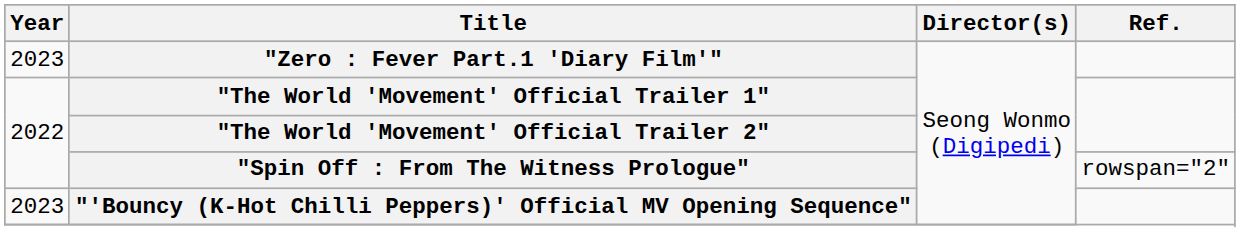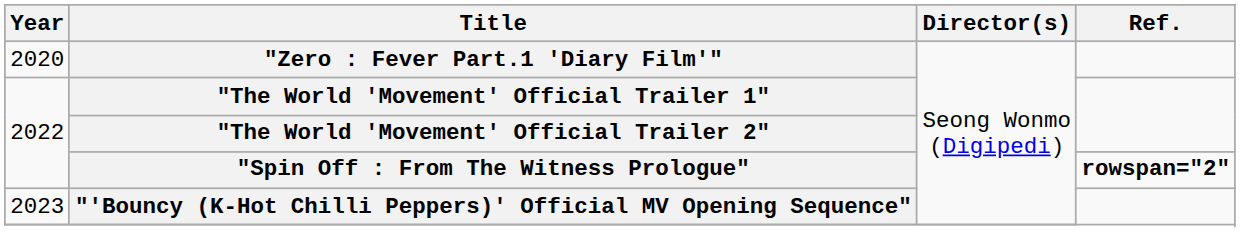 <table class="wikitable plainrowheaders" style="text-align:center; table-layout:fixed; margin-right:0">
 <tr>
 <th>Year</th>
 <th>Title</th>
 <th>Director(s)</th>
 <th>Ref.</th>
 </tr>
 <tr>
-<td>2023</td>
+<td>2020</td>
 <th scope="row">"Zero : Fever Part.1 'Diary Film'"</th>
 <td rowspan="5">Seong Wonmo<br>(<a href='#'>Digipedi</a>)</td>
 <td></td>
 </tr>
 <tr>
 <td rowspan="3">2022</td>
 <th scope="row">"The World 'Movement' Official Trailer 1"</th>
 <td rowspan="2"></td>
 </tr>
 <tr>
 <th scope="row">"The World 'Movement' Official Trailer 2"</th>
 </tr>
 <tr>
 <th scope="row">"Spin Off : From The Witness Prologue"</th>
-<td>rowspan="2" </td>
+<td><strong>rowspan="2" </strong></td>
 </tr>
 <tr>
 <td>2023</td>
 <th scope="row">"'Bouncy (K-Hot Chilli Peppers)' Official MV Opening Sequence"</th>
 </tr>
 <tr>
 </tr>
 </table>
